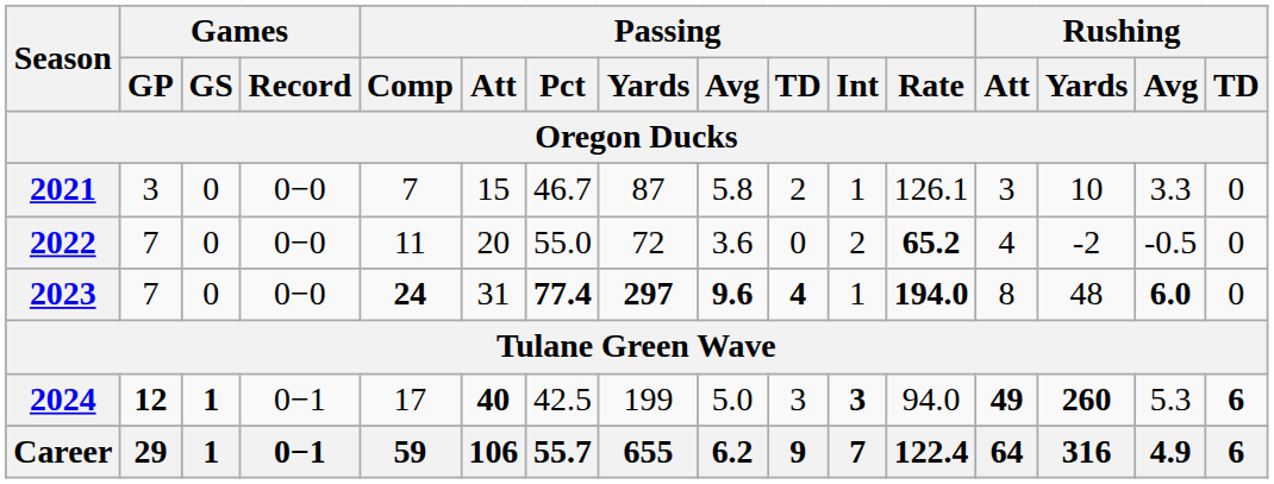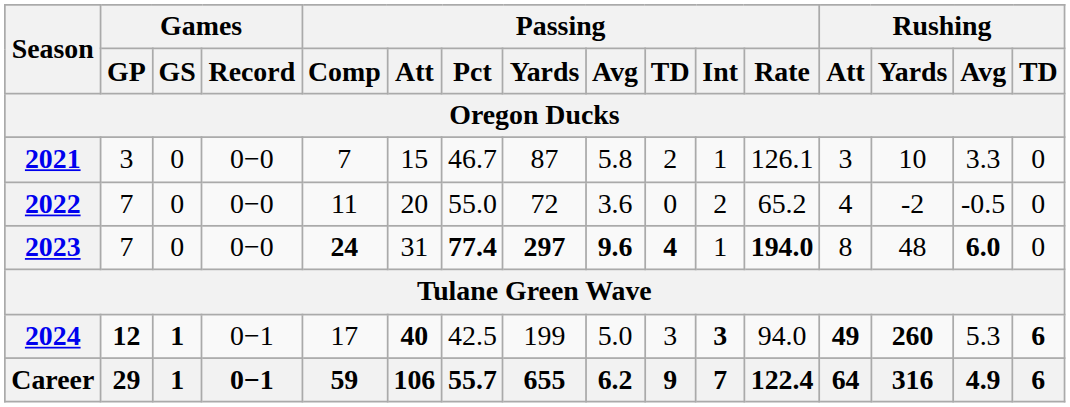 <table class="wikitable" style="text-align:center;">
 <tr>
 <th rowspan="2">Season</th>
 <th colspan="3">Games</th>
 <th colspan="8">Passing</th>
 <th colspan="5">Rushing</th>
 </tr>
 <tr>
 <th>GP</th>
 <th>GS</th>
 <th>Record</th>
 <th>Comp</th>
 <th>Att</th>
 <th>Pct</th>
 <th>Yards</th>
 <th>Avg</th>
 <th>TD</th>
 <th>Int</th>
 <th>Rate</th>
 <th>Att</th>
 <th>Yards</th>
 <th>Avg</th>
 <th>TD</th>
 </tr>
 <tr>
 <th colspan="16">Oregon Ducks</th>
 </tr>
 <tr>
 <th><a href='#'>2021</a></th>
 <td>3</td>
 <td>0</td>
 <td>0−0</td>
 <td>7</td>
 <td>15</td>
 <td>46.7</td>
 <td>87</td>
 <td>5.8</td>
 <td>2</td>
 <td>1</td>
 <td>126.1</td>
 <td>3</td>
 <td>10</td>
 <td>3.3</td>
 <td>0</td>
 </tr>
 <tr>
 <th><a href='#'>2022</a></th>
 <td>7</td>
 <td>0</td>
 <td>0−0</td>
 <td>11</td>
 <td>20</td>
 <td>55.0</td>
 <td>72</td>
 <td>3.6</td>
 <td>0</td>
 <td>2</td>
-<td><strong>65.2</strong></td>
+<td>65.2</td>
 <td>4</td>
 <td>-2</td>
 <td>-0.5</td>
 <td>0</td>
 </tr>
 <tr>
 <th><a href='#'>2023</a></th>
 <td>7</td>
 <td>0</td>
 <td>0−0</td>
 <td><strong>24</strong></td>
 <td>31</td>
 <td><strong>77.4</strong></td>
 <td><strong>297</strong></td>
 <td><strong>9.6</strong></td>
 <td><strong>4</strong></td>
 <td>1</td>
 <td><strong>194.0</strong></td>
 <td>8</td>
 <td>48</td>
 <td><strong>6.0</strong></td>
 <td>0</td>
 </tr>
 <tr>
 <th colspan="16">Tulane Green Wave</th>
 </tr>
 <tr>
 <th><a href='#'>2024</a></th>
 <td><strong>12</strong></td>
 <td><strong>1</strong></td>
 <td>0−1</td>
 <td>17</td>
 <td><strong>40</strong></td>
 <td>42.5</td>
 <td>199</td>
 <td>5.0</td>
 <td>3</td>
 <td><strong>3</strong></td>
 <td>94.0</td>
 <td><strong>49</strong></td>
 <td><strong>260</strong></td>
 <td>5.3</td>
 <td><strong>6</strong></td>
 </tr>
 <tr>
 <th>Career</th>
 <th>29</th>
 <th>1</th>
 <th>0−1</th>
 <th>59</th>
 <th>106</th>
 <th>55.7</th>
 <th>655</th>
 <th>6.2</th>
 <th>9</th>
 <th>7</th>
 <th>122.4</th>
 <th>64</th>
 <th>316</th>
 <th>4.9</th>
 <th>6</th>
 </tr>
 </table>
